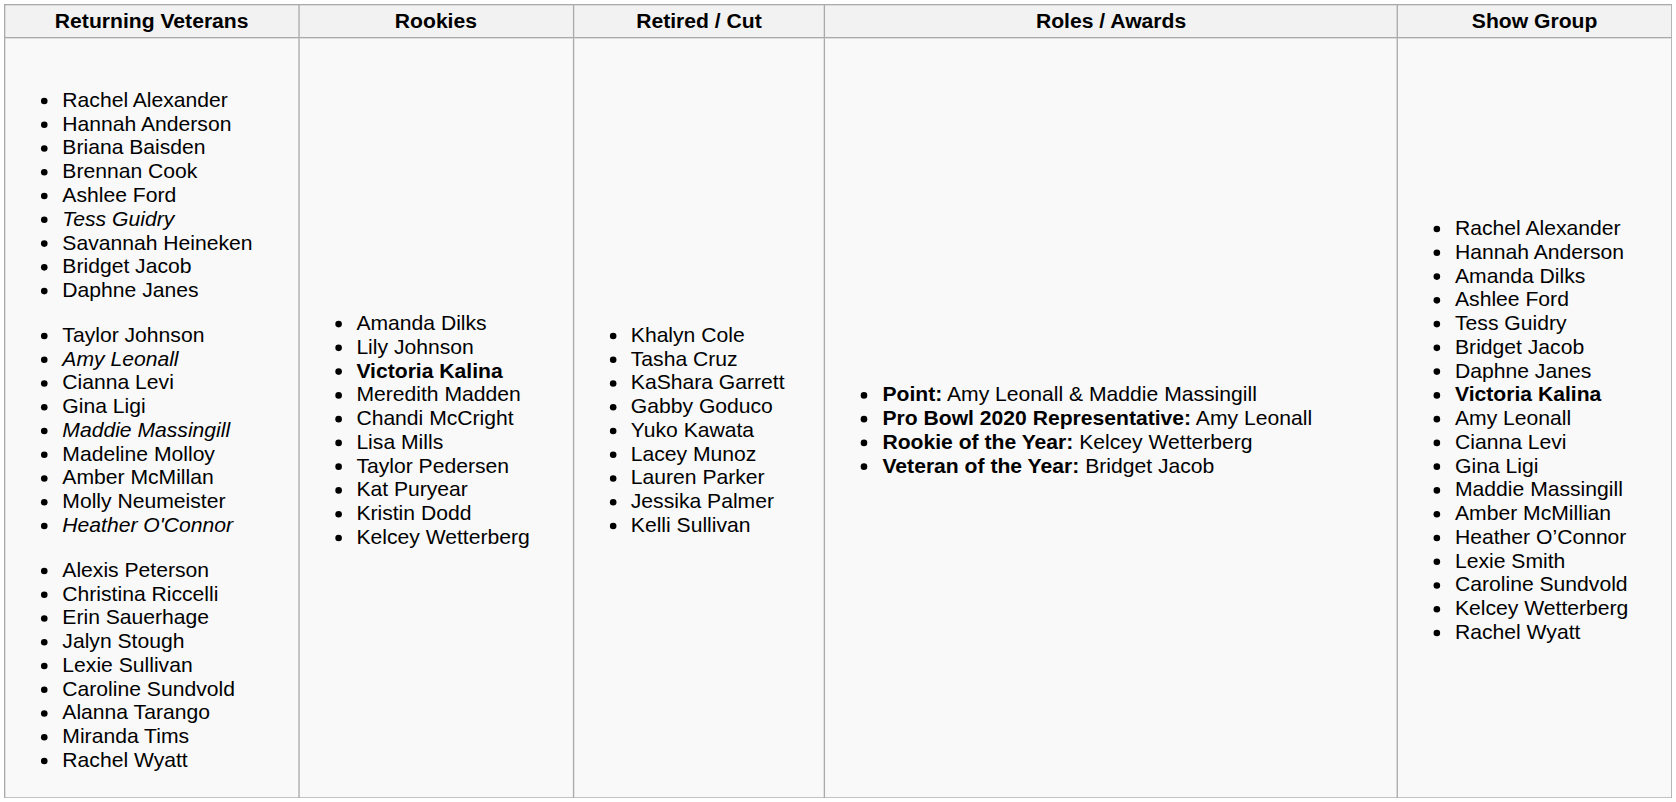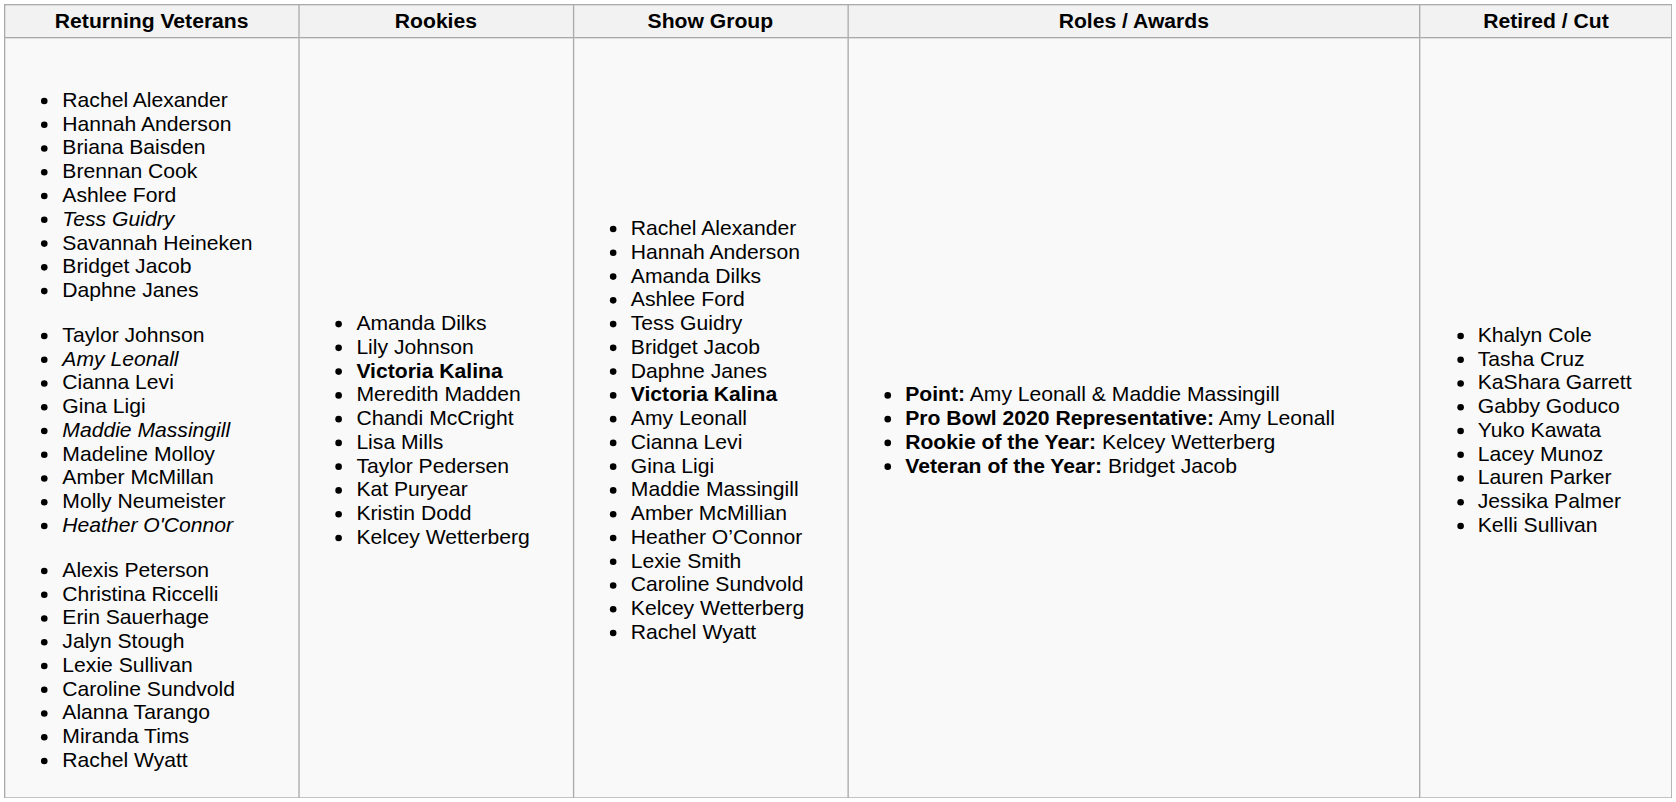 <table class="wikitable" style="width:100%;">
 <tr>
 <th>Returning Veterans</th>
 <th>Rookies</th>
+<th>Show Group</th>
+<th>Roles / Awards</th>
 <th>Retired / Cut</th>
-<th>Roles / Awards</th>
-<th>Show Group</th>
 </tr>
 <tr>
 <td><br><ul><li>Rachel Alexander</li><li>Hannah Anderson</li><li>Briana Baisden</li><li>Brennan Cook</li><li>Ashlee Ford</li><li><em>Tess Guidry</em></li><li>Savannah Heineken</li><li>Bridget Jacob</li><li>Daphne Janes</li></ul><ul><li>Taylor Johnson</li><li><em>Amy Leonall</em></li><li>Cianna Levi</li><li>Gina Ligi</li><li><em>Maddie Massingill</em></li><li>Madeline Molloy</li><li>Amber McMillan</li><li>Molly Neumeister</li><li><em>Heather O'Connor</em></li></ul><ul><li>Alexis Peterson</li><li>Christina Riccelli</li><li>Erin Sauerhage</li><li>Jalyn Stough</li><li>Lexie Sullivan</li><li>Caroline Sundvold</li><li>Alanna Tarango</li><li>Miranda Tims</li><li>Rachel Wyatt</li></ul></td>
 <td><br><ul><li>Amanda Dilks</li><li>Lily Johnson</li><li><strong>Victoria Kalina</strong></li><li>Meredith Madden</li><li>Chandi McCright</li><li>Lisa Mills</li><li>Taylor Pedersen</li><li>Kat Puryear</li><li>Kristin Dodd</li><li>Kelcey Wetterberg</li></ul></td>
+<td><br><ul><li>Rachel Alexander</li><li>Hannah Anderson</li><li>Amanda Dilks</li><li>Ashlee Ford</li><li>Tess Guidry</li><li>Bridget Jacob</li><li>Daphne Janes</li><li><strong>Victoria Kalina</strong></li><li>Amy Leonall</li><li>Cianna Levi</li><li>Gina Ligi</li><li>Maddie Massingill</li><li>Amber McMillian</li><li>Heather O’Connor</li><li>Lexie Smith</li><li>Caroline Sundvold</li><li>Kelcey Wetterberg</li><li>Rachel Wyatt</li></ul></td>
+<td><br><ul><li><strong>Point:</strong> Amy Leonall & Maddie Massingill</li><li><strong>Pro Bowl 2020 Representative:</strong> Amy Leonall</li><li><strong>Rookie of the Year:</strong> Kelcey Wetterberg</li><li><strong>Veteran of the Year:</strong> Bridget Jacob</li></ul></td>
 <td><br><ul><li>Khalyn Cole </li><li>Tasha Cruz </li><li>KaShara Garrett </li><li>Gabby Goduco </li><li>Yuko Kawata </li><li>Lacey Munoz </li><li>Lauren Parker </li><li>Jessika Palmer </li><li>Kelli Sullivan </li></ul></td>
-<td><br><ul><li><strong>Point:</strong> Amy Leonall & Maddie Massingill</li><li><strong>Pro Bowl 2020 Representative:</strong> Amy Leonall</li><li><strong>Rookie of the Year:</strong> Kelcey Wetterberg</li><li><strong>Veteran of the Year:</strong> Bridget Jacob</li></ul></td>
-<td><br><ul><li>Rachel Alexander</li><li>Hannah Anderson</li><li>Amanda Dilks</li><li>Ashlee Ford</li><li>Tess Guidry</li><li>Bridget Jacob</li><li>Daphne Janes</li><li><strong>Victoria Kalina</strong></li><li>Amy Leonall</li><li>Cianna Levi</li><li>Gina Ligi</li><li>Maddie Massingill</li><li>Amber McMillian</li><li>Heather O’Connor</li><li>Lexie Smith</li><li>Caroline Sundvold</li><li>Kelcey Wetterberg</li><li>Rachel Wyatt</li></ul></td>
 </tr>
 </table>
